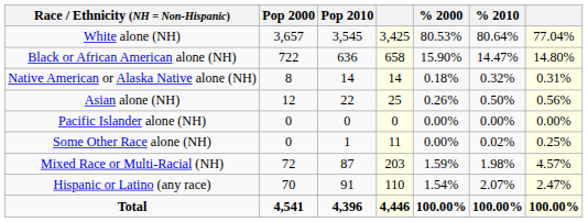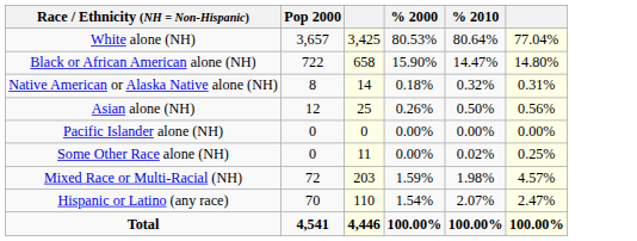 <table class="wikitable" style="text-align:center;">
 <tr>
 <th>Race / Ethnicity <small>(<em>NH = Non-Hispanic</em>)</small></th>
 <th>Pop 2000</th>
-<th>Pop 2010</th>
 <th></th>
 <th>% 2000</th>
 <th>% 2010</th>
 <th></th>
 </tr>
 <tr>
 <td><a href='#'>White</a> alone (NH)</td>
 <td>3,657</td>
-<td>3,545</td>
 <td style='background: #ffffe6;'>3,425</td>
 <td>80.53%</td>
 <td>80.64%</td>
 <td style='background: #ffffe6;'>77.04%</td>
 </tr>
 <tr>
 <td><a href='#'>Black or African American</a> alone (NH)</td>
 <td>722</td>
-<td>636</td>
 <td style='background: #ffffe6;'>658</td>
 <td>15.90%</td>
 <td>14.47%</td>
 <td style='background: #ffffe6;'>14.80%</td>
 </tr>
 <tr>
 <td><a href='#'>Native American</a> or <a href='#'>Alaska Native</a> alone (NH)</td>
 <td>8</td>
-<td>14</td>
 <td style='background: #ffffe6;'>14</td>
 <td>0.18%</td>
 <td>0.32%</td>
 <td style='background: #ffffe6;'>0.31%</td>
 </tr>
 <tr>
 <td><a href='#'>Asian</a> alone (NH)</td>
 <td>12</td>
-<td>22</td>
 <td style='background: #ffffe6;'>25</td>
 <td>0.26%</td>
 <td>0.50%</td>
 <td style='background: #ffffe6;'>0.56%</td>
 </tr>
 <tr>
 <td><a href='#'>Pacific Islander</a> alone (NH)</td>
-<td>0</td>
 <td>0</td>
 <td style='background: #ffffe6;'>0</td>
 <td>0.00%</td>
 <td>0.00%</td>
 <td style='background: #ffffe6;'>0.00%</td>
 </tr>
 <tr>
 <td><a href='#'>Some Other Race</a> alone (NH)</td>
 <td>0</td>
-<td>1</td>
 <td style='background: #ffffe6;'>11</td>
 <td>0.00%</td>
 <td>0.02%</td>
 <td style='background: #ffffe6;'>0.25%</td>
 </tr>
 <tr>
 <td><a href='#'>Mixed Race or Multi-Racial</a> (NH)</td>
 <td>72</td>
-<td>87</td>
 <td style='background: #ffffe6;'>203</td>
 <td>1.59%</td>
 <td>1.98%</td>
 <td style='background: #ffffe6;'>4.57%</td>
 </tr>
 <tr>
 <td><a href='#'>Hispanic or Latino</a> (any race)</td>
 <td>70</td>
-<td>91</td>
 <td style='background: #ffffe6;'>110</td>
 <td>1.54%</td>
 <td>2.07%</td>
 <td style='background: #ffffe6;'>2.47%</td>
 </tr>
 <tr>
 <td><strong>Total</strong></td>
 <td><strong>4,541</strong></td>
-<td><strong>4,396</strong></td>
 <td style='background: #ffffe6;'><strong>4,446</strong></td>
 <td><strong>100.00%</strong></td>
 <td><strong>100.00%</strong></td>
 <td style='background: #ffffe6;'><strong>100.00%</strong></td>
 </tr>
 </table>
